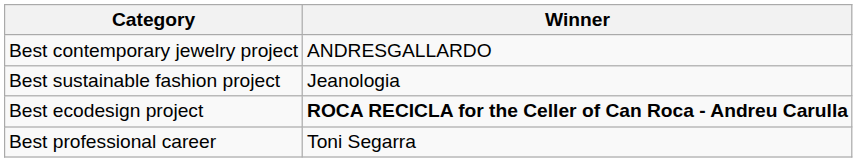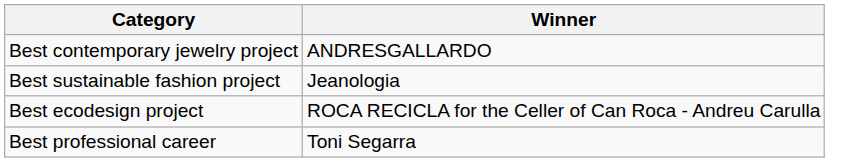 <table class="wikitable">
 <tr>
 <th>Category</th>
 <th>Winner</th>
 </tr>
 <tr>
 <td>Best contemporary jewelry project</td>
 <td>ANDRESGALLARDO</td>
 </tr>
 <tr>
 <td>Best sustainable fashion project</td>
 <td>Jeanologia</td>
 </tr>
 <tr>
 <td>Best ecodesign project</td>
-<td><strong>ROCA RECICLA for the Celler of Can Roca - Andreu Carulla</strong></td>
+<td>ROCA RECICLA for the Celler of Can Roca - Andreu Carulla</td>
 </tr>
 <tr>
 <td>Best professional career</td>
 <td>Toni Segarra</td>
 </tr>
 </table>
